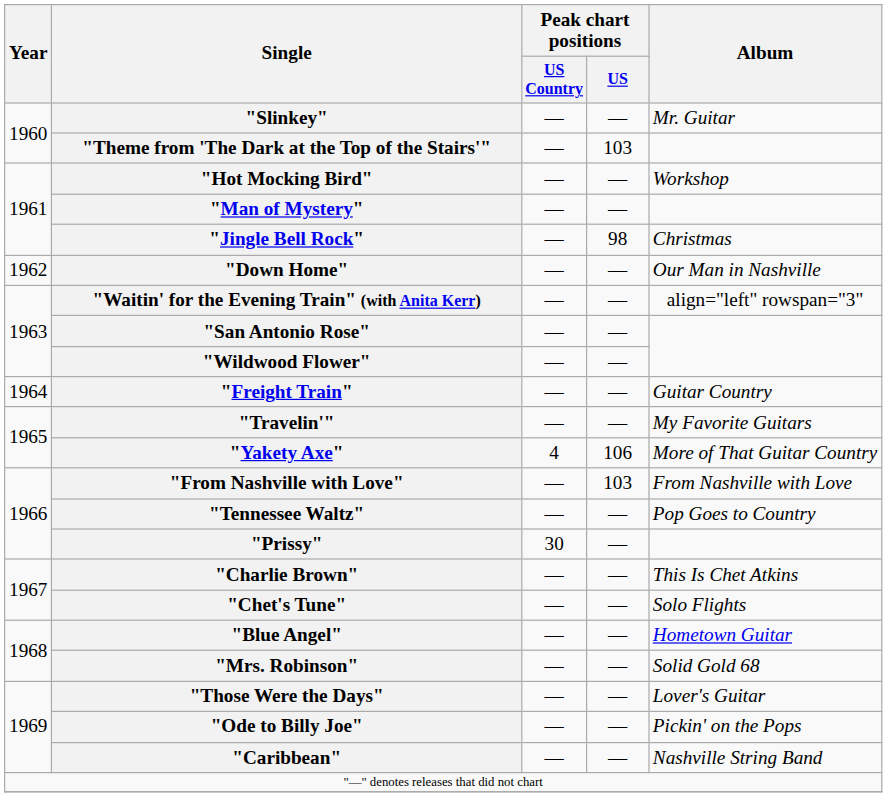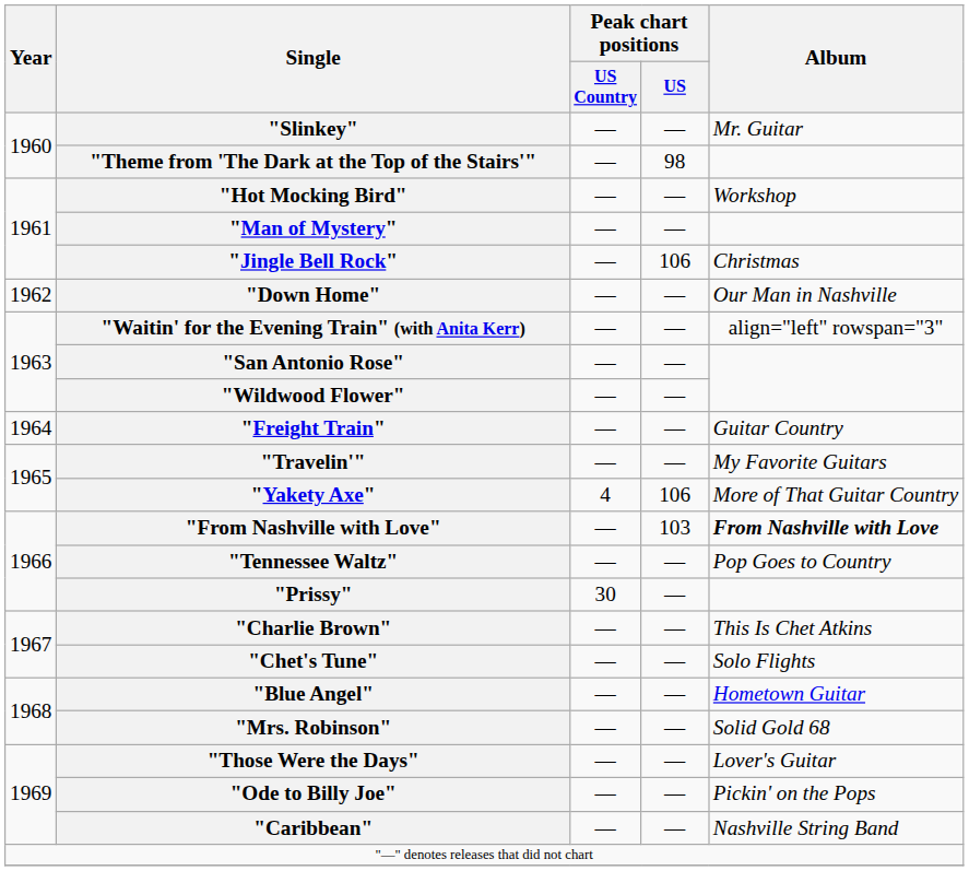 <table class="wikitable plainrowheaders" style="text-align:center;">
 <tr>
 <th rowspan="2">Year</th>
 <th rowspan="2" style="width:24em;">Single</th>
 <th colspan="2">Peak chart<br>positions</th>
 <th rowspan="2">Album</th>
 </tr>
 <tr style="font-size:smaller;">
 <th width="45"><a href='#'>US Country</a></th>
 <th width="45"><a href='#'>US</a><br></th>
 </tr>
 <tr>
 <td rowspan="2">1960</td>
 <th scope="row">"Slinkey"</th>
 <td>—</td>
 <td>—</td>
 <td align="left"><em>Mr. Guitar</em></td>
 </tr>
 <tr>
 <th scope="row">"Theme from 'The Dark at the Top of the Stairs'"</th>
 <td>—</td>
-<td>103</td>
+<td>98</td>
 <td></td>
 </tr>
 <tr>
 <td rowspan="3">1961</td>
 <th scope="row">"Hot Mocking Bird"</th>
 <td>—</td>
 <td>—</td>
 <td align="left"><em>Workshop</em></td>
 </tr>
 <tr>
 <th scope="row">"<a href='#'>Man of Mystery</a>"</th>
 <td>—</td>
 <td>—</td>
 <td></td>
 </tr>
 <tr>
 <th scope="row">"<a href='#'>Jingle Bell Rock</a>"</th>
 <td>—</td>
-<td>98</td>
+<td>106</td>
 <td align="left"><em>Christmas</em></td>
 </tr>
 <tr>
 <td>1962</td>
 <th scope="row">"Down Home"</th>
 <td>—</td>
 <td>—</td>
 <td align="left"><em>Our Man in Nashville</em></td>
 </tr>
 <tr>
 <td rowspan="3">1963</td>
 <th scope="row">"Waitin' for the Evening Train" <small>(with <a href='#'>Anita Kerr</a>)</small></th>
 <td>—</td>
 <td>—</td>
 <td>align="left" rowspan="3" </td>
 </tr>
 <tr>
 <th scope="row">"San Antonio Rose"</th>
 <td>—</td>
 <td>—</td>
 </tr>
 <tr>
 <th scope="row">"Wildwood Flower"</th>
 <td>—</td>
 <td>—</td>
 </tr>
 <tr>
 <td>1964</td>
 <th scope="row">"<a href='#'>Freight Train</a>"</th>
 <td>—</td>
 <td>—</td>
 <td align="left"><em>Guitar Country</em></td>
 </tr>
 <tr>
 <td rowspan="2">1965</td>
 <th scope="row">"Travelin'"</th>
 <td>—</td>
 <td>—</td>
 <td align="left"><em>My Favorite Guitars</em></td>
 </tr>
 <tr>
 <th scope="row">"<a href='#'>Yakety Axe</a>"</th>
 <td>4</td>
 <td>106</td>
 <td align="left"><em>More of That Guitar Country</em></td>
 </tr>
 <tr>
 <td rowspan="3">1966</td>
 <th scope="row">"From Nashville with Love"</th>
 <td>—</td>
 <td>103</td>
-<td align="left"><em>From Nashville with Love</em></td>
+<td align="left"><strong><em>From Nashville with Love</em></strong></td>
 </tr>
 <tr>
 <th scope="row">"Tennessee Waltz"</th>
 <td>—</td>
 <td>—</td>
 <td align="left"><em>Pop Goes to Country</em></td>
 </tr>
 <tr>
 <th scope="row">"Prissy"</th>
 <td>30</td>
 <td>—</td>
 <td></td>
 </tr>
 <tr>
 <td rowspan="2">1967</td>
 <th scope="row">"Charlie Brown"</th>
 <td>—</td>
 <td>—</td>
 <td align="left"><em>This Is Chet Atkins</em></td>
 </tr>
 <tr>
 <th scope="row">"Chet's Tune"</th>
 <td>—</td>
 <td>—</td>
 <td align="left"><em>Solo Flights</em></td>
 </tr>
 <tr>
 <td rowspan="2">1968</td>
 <th scope="row">"Blue Angel"</th>
 <td>—</td>
 <td>—</td>
 <td align="left"><em><a href='#'>Hometown Guitar</a></em></td>
 </tr>
 <tr>
 <th scope="row">"Mrs. Robinson"</th>
 <td>—</td>
 <td>—</td>
 <td align="left"><em>Solid Gold 68</em></td>
 </tr>
 <tr>
 <td rowspan="3">1969</td>
 <th scope="row">"Those Were the Days"</th>
 <td>—</td>
 <td>—</td>
 <td align="left"><em>Lover's Guitar</em></td>
 </tr>
 <tr>
 <th scope="row">"Ode to Billy Joe"</th>
 <td>—</td>
 <td>—</td>
 <td align="left"><em>Pickin' on the Pops</em></td>
 </tr>
 <tr>
 <th scope="row">"Caribbean"</th>
 <td>—</td>
 <td>—</td>
 <td align="left"><em>Nashville String Band</em></td>
 </tr>
 <tr>
 <td colspan="5" style="font-size: 8pt">"—" denotes releases that did not chart</td>
 </tr>
 <tr>
 </tr>
 </table>
